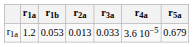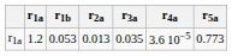 <table class="wikitable" border="1">
 <tr>
 <th></th>
 <th>r<sub>1a</sub></th>
 <th>r<sub>1b</sub></th>
 <th>r<sub>2a</sub></th>
 <th>r<sub>3a</sub></th>
 <th>r<sub>4a</sub></th>
 <th>r<sub>5a</sub></th>
 </tr>
 <tr>
 <td>r<sub>1a</sub></td>
 <td>1.2</td>
 <td>0.053</td>
 <td>0.013</td>
-<td>0.033</td>
+<td>0.035</td>
 <td>3.6 10<sup>−5</sup></td>
-<td>0.679</td>
+<td>0.773</td>
 </tr>
 </table>
